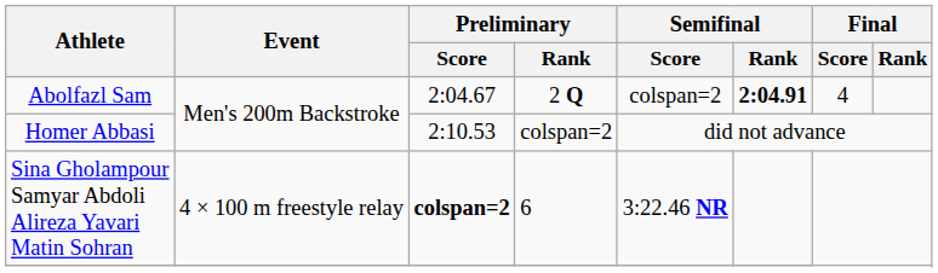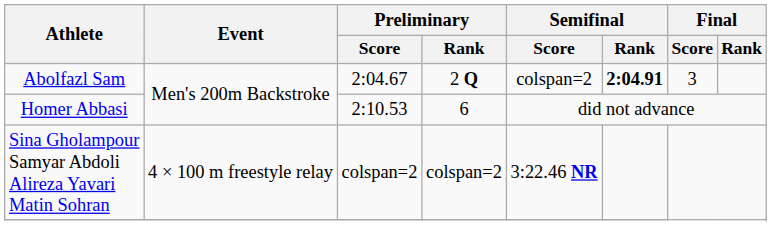 <table class=wikitable style=font-size:90%>
 <tr>
 <th rowspan=2>Athlete</th>
 <th rowspan=2>Event</th>
 <th colspan=2>Preliminary</th>
 <th colspan=2>Semifinal</th>
 <th colspan=2>Final</th>
 </tr>
 <tr style=font-size:95%>
 <th>Score</th>
 <th>Rank</th>
 <th>Score</th>
 <th>Rank</th>
 <th>Score</th>
 <th>Rank</th>
 </tr>
 <tr align=center>
 <td><a href='#'>Abolfazl Sam</a></td>
 <td rowspan=2>Men's 200m Backstroke</td>
 <td>2:04.67</td>
 <td>2 <strong>Q</strong></td>
 <td>colspan=2 </td>
 <td><strong>2:04.91</strong></td>
-<td>4</td>
+<td>3</td>
 </tr>
 <tr align=center>
 <td><a href='#'>Homer Abbasi</a></td>
 <td>2:10.53</td>
-<td>colspan=2 </td>
+<td>6</td>
 <td colspan=4>did not advance</td>
 </tr>
 <tr>
 <td align=left><a href='#'>Sina Gholampour</a><br>Samyar Abdoli<br><a href='#'>Alireza Yavari</a><br><a href='#'>Matin Sohran</a></td>
 <td align=left>4 × 100 m freestyle relay</td>
-<td><strong>colspan=2 </strong></td>
-<td>6</td>
+<td>colspan=2 </td>
+<td>colspan=2 </td>
 <td>3:22.46 <strong><a href='#'>NR</a></strong></td>
 <td></td>
 </tr>
 <tr>
 </tr>
 </table>
